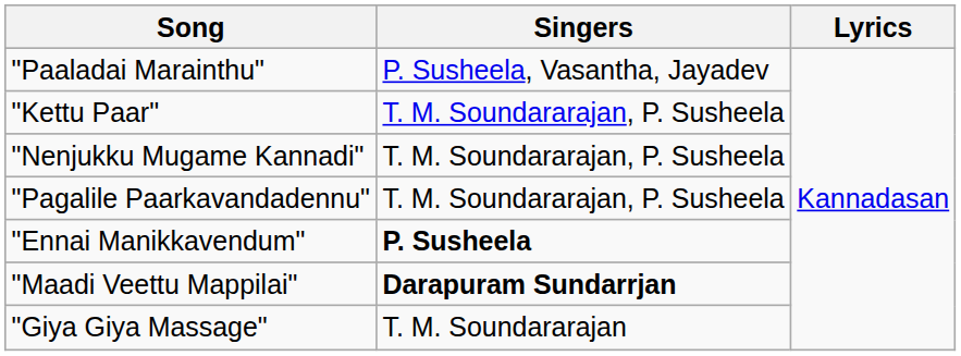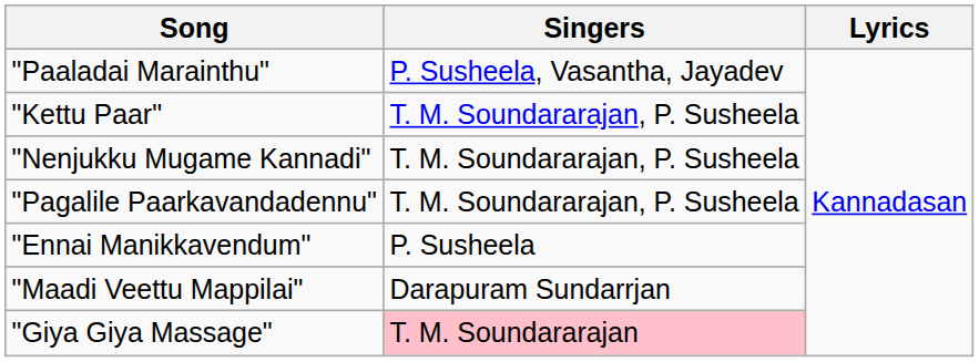 <table class="wikitable" style="font-size:95%;">
 <tr>
 <th>Song</th>
 <th>Singers</th>
 <th>Lyrics</th>
 </tr>
 <tr>
 <td>"Paaladai Marainthu"</td>
 <td><a href='#'>P. Susheela</a>, Vasantha, Jayadev</td>
 <td rowspan=7><a href='#'>Kannadasan</a></td>
 </tr>
 <tr>
 <td>"Kettu Paar"</td>
 <td><a href='#'>T. M. Soundararajan</a>, P. Susheela</td>
 </tr>
 <tr>
 <td>"Nenjukku Mugame Kannadi"</td>
 <td>T. M. Soundararajan, P. Susheela</td>
 </tr>
 <tr>
 <td>"Pagalile Paarkavandadennu"</td>
 <td>T. M. Soundararajan, P. Susheela</td>
 </tr>
 <tr>
 <td>"Ennai Manikkavendum"</td>
-<td><strong>P. Susheela</strong></td>
+<td>P. Susheela</td>
 </tr>
 <tr>
 <td>"Maadi Veettu Mappilai"</td>
-<td><strong>Darapuram Sundarrjan</strong></td>
+<td>Darapuram Sundarrjan</td>
 </tr>
 <tr>
 <td>"Giya Giya Massage"</td>
-<td>T. M. Soundararajan</td>
+<td style="background: pink;">T. M. Soundararajan</td>
 </tr>
 </table>
